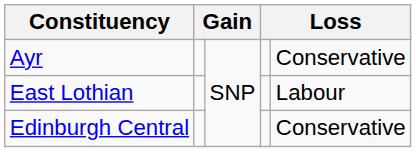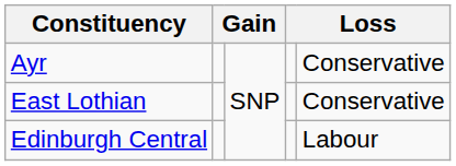 <table class="wikitable">
 <tr>
 <th>Constituency</th>
 <th colspan="2">Gain</th>
 <th colspan="2">Loss</th>
 </tr>
 <tr>
 <td><a href='#'>Ayr</a></td>
 <td style="color:inherit;background-color: "></td>
 <td rowspan="3">SNP</td>
 <td style="color:inherit;background-color: "></td>
 <td>Conservative</td>
 </tr>
 <tr>
 <td><a href='#'>East Lothian</a></td>
 <td style="color:inherit;background-color: "></td>
 <td style="color:inherit;background-color: "></td>
-<td>Labour</td>
+<td>Conservative</td>
 </tr>
 <tr>
 <td><a href='#'>Edinburgh Central</a></td>
 <td style="color:inherit;background-color: "></td>
 <td style="color:inherit;background-color: "></td>
-<td>Conservative</td>
+<td>Labour</td>
 </tr>
 </table>
